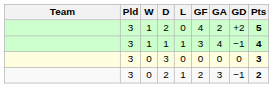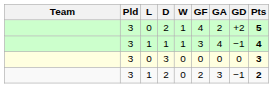 <table class="wikitable" style="text-align:center;">
 <tr>
 <th width=180>Team</th>
 <th width=20>Pld</th>
+<th width=20>L</th>
+<th width=20>D</th>
 <th width=20>W</th>
-<th width=20>D</th>
-<th width=20>L</th>
 <th width=20>GF</th>
 <th width=20>GA</th>
 <th width=20>GD</th>
 <th width=20>Pts</th>
 </tr>
 <tr bgcolor="#ccffcc">
 <td align="left"></td>
 <td>3</td>
+<td>0</td>
+<td>2</td>
 <td>1</td>
-<td>2</td>
-<td>0</td>
 <td>4</td>
 <td>2</td>
 <td>+2</td>
 <td><strong>5</strong></td>
 </tr>
 <tr bgcolor="#ccffcc">
 <td align="left"></td>
 <td>3</td>
 <td>1</td>
 <td>1</td>
 <td>1</td>
 <td>3</td>
 <td>4</td>
 <td>−1</td>
 <td><strong>4</strong></td>
 </tr>
 <tr bgcolor="lightyellow">
 <td align="left"></td>
 <td>3</td>
 <td>0</td>
 <td>3</td>
 <td>0</td>
 <td>0</td>
 <td>0</td>
 <td>0</td>
 <td><strong>3</strong></td>
 </tr>
 <tr>
 <td align="left"></td>
 <td>3</td>
+<td>1</td>
+<td>2</td>
 <td>0</td>
-<td>2</td>
-<td>1</td>
 <td>2</td>
 <td>3</td>
 <td>−1</td>
 <td><strong>2</strong></td>
 </tr>
 </table>
